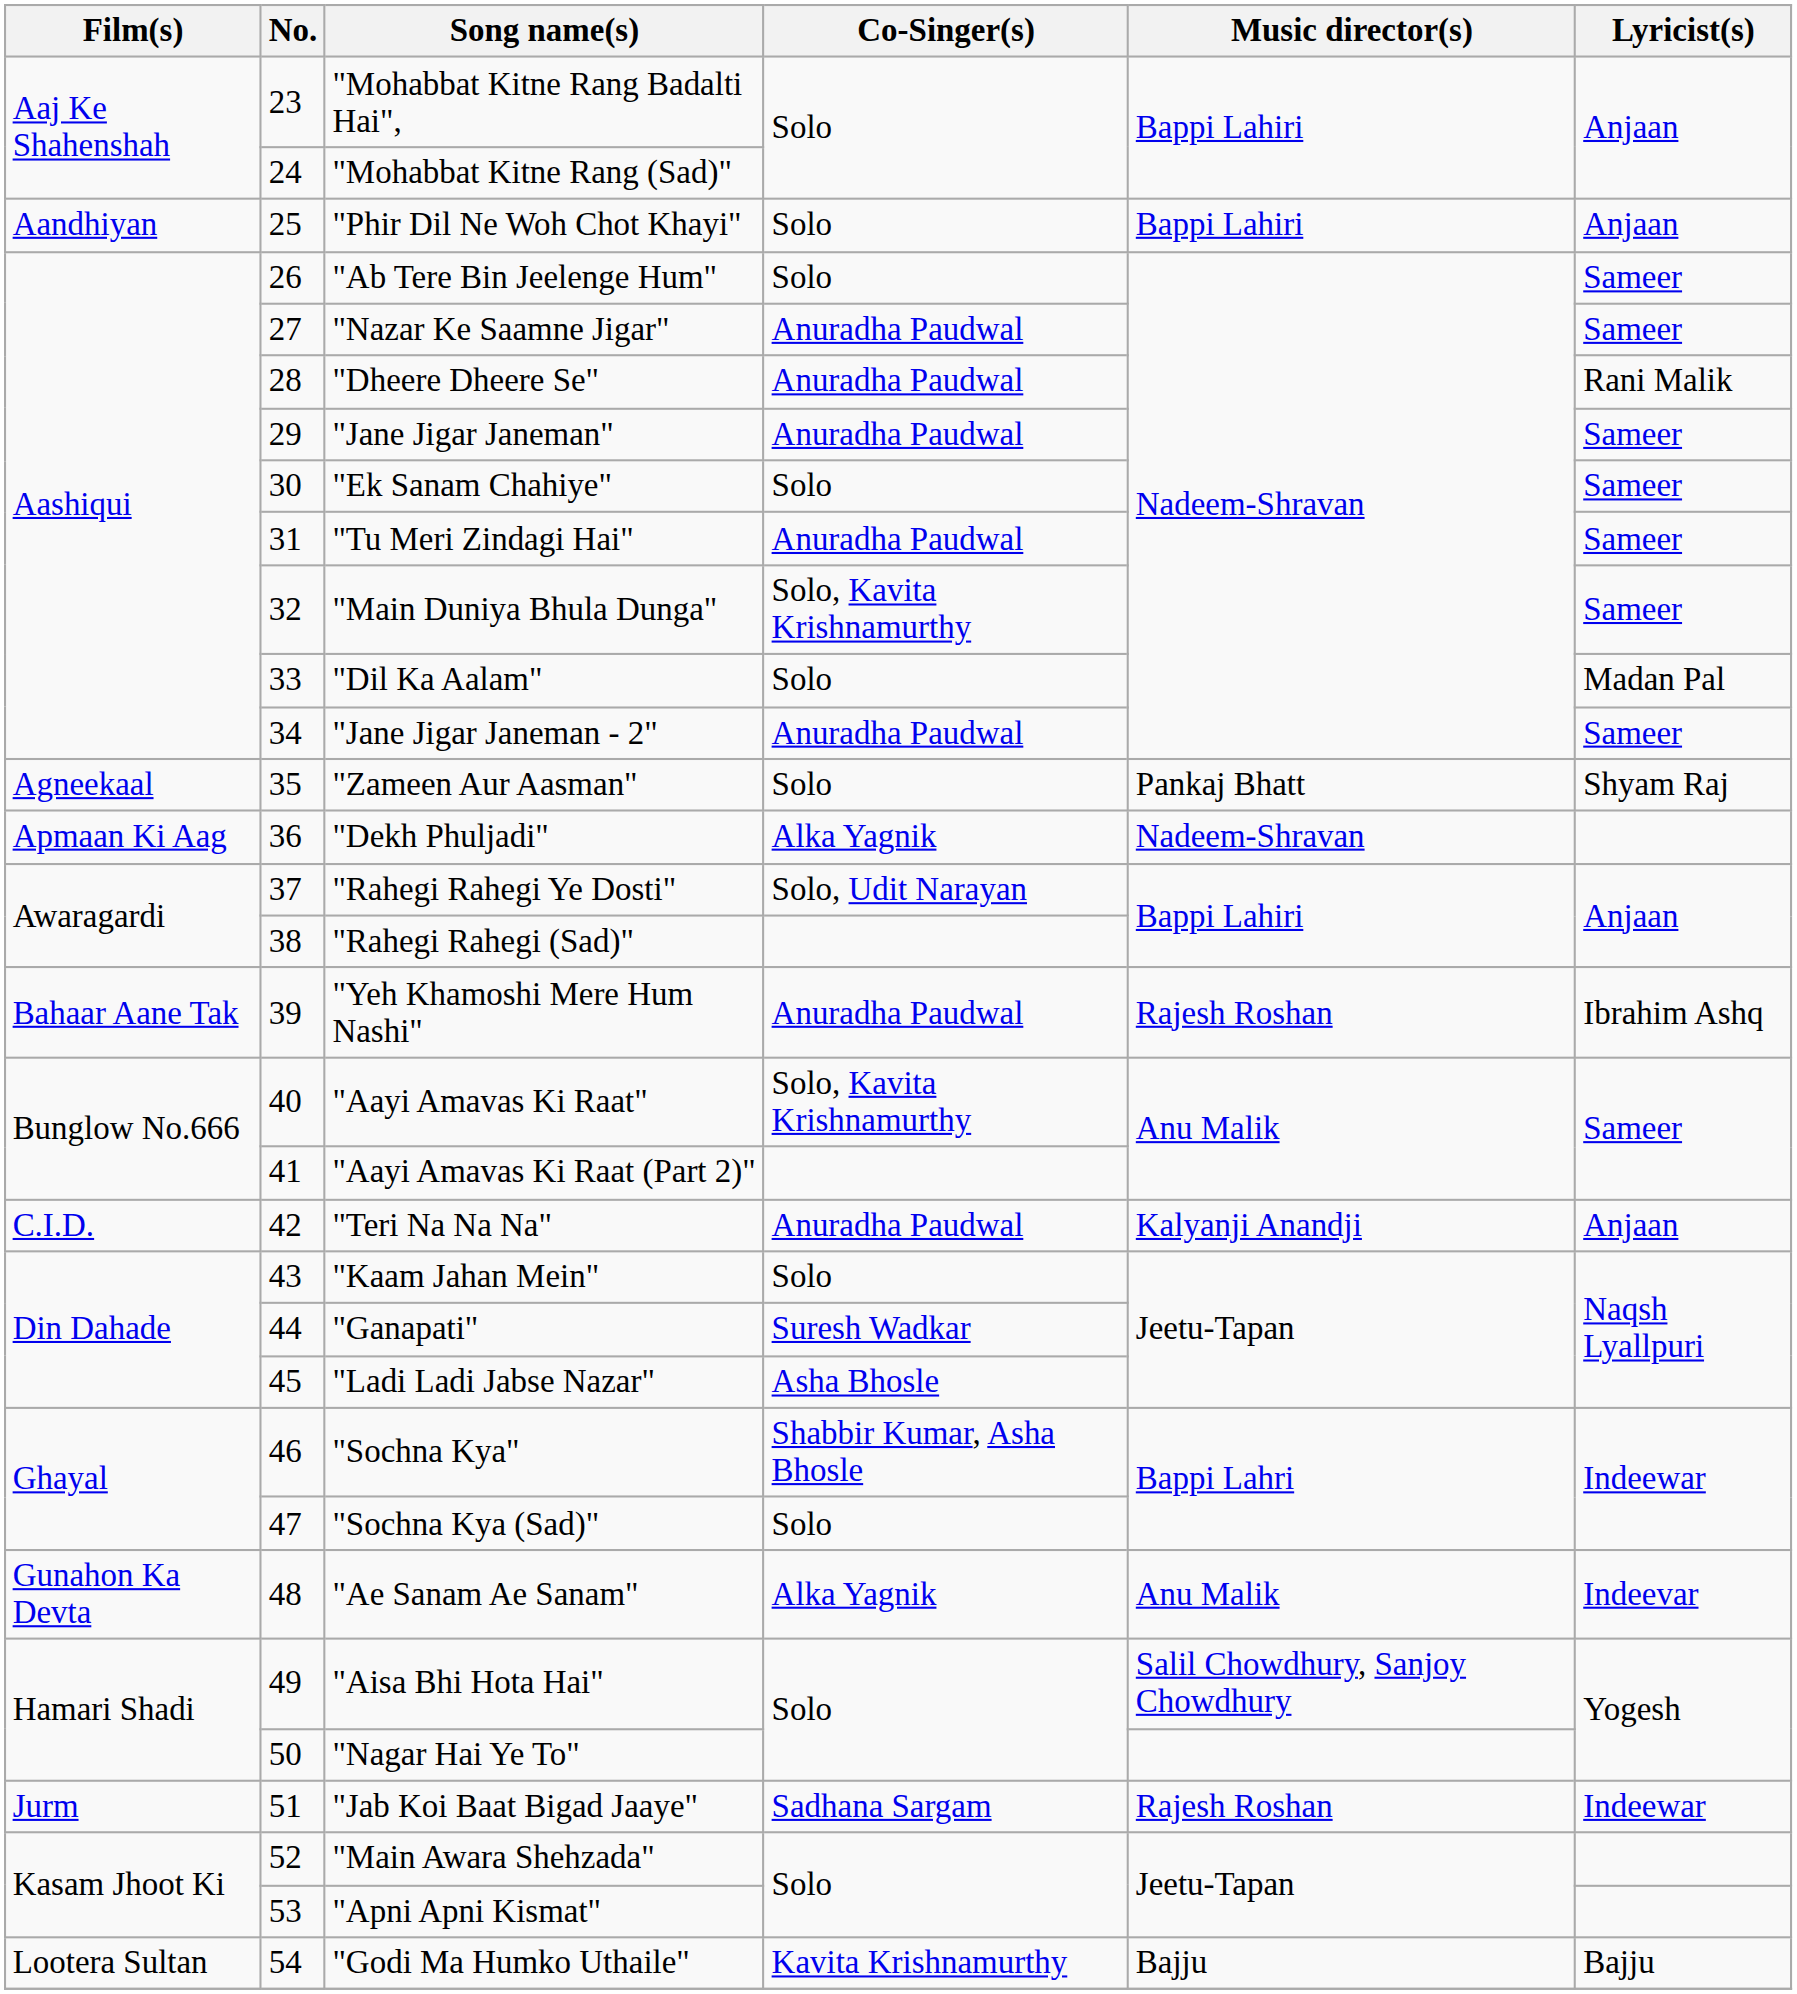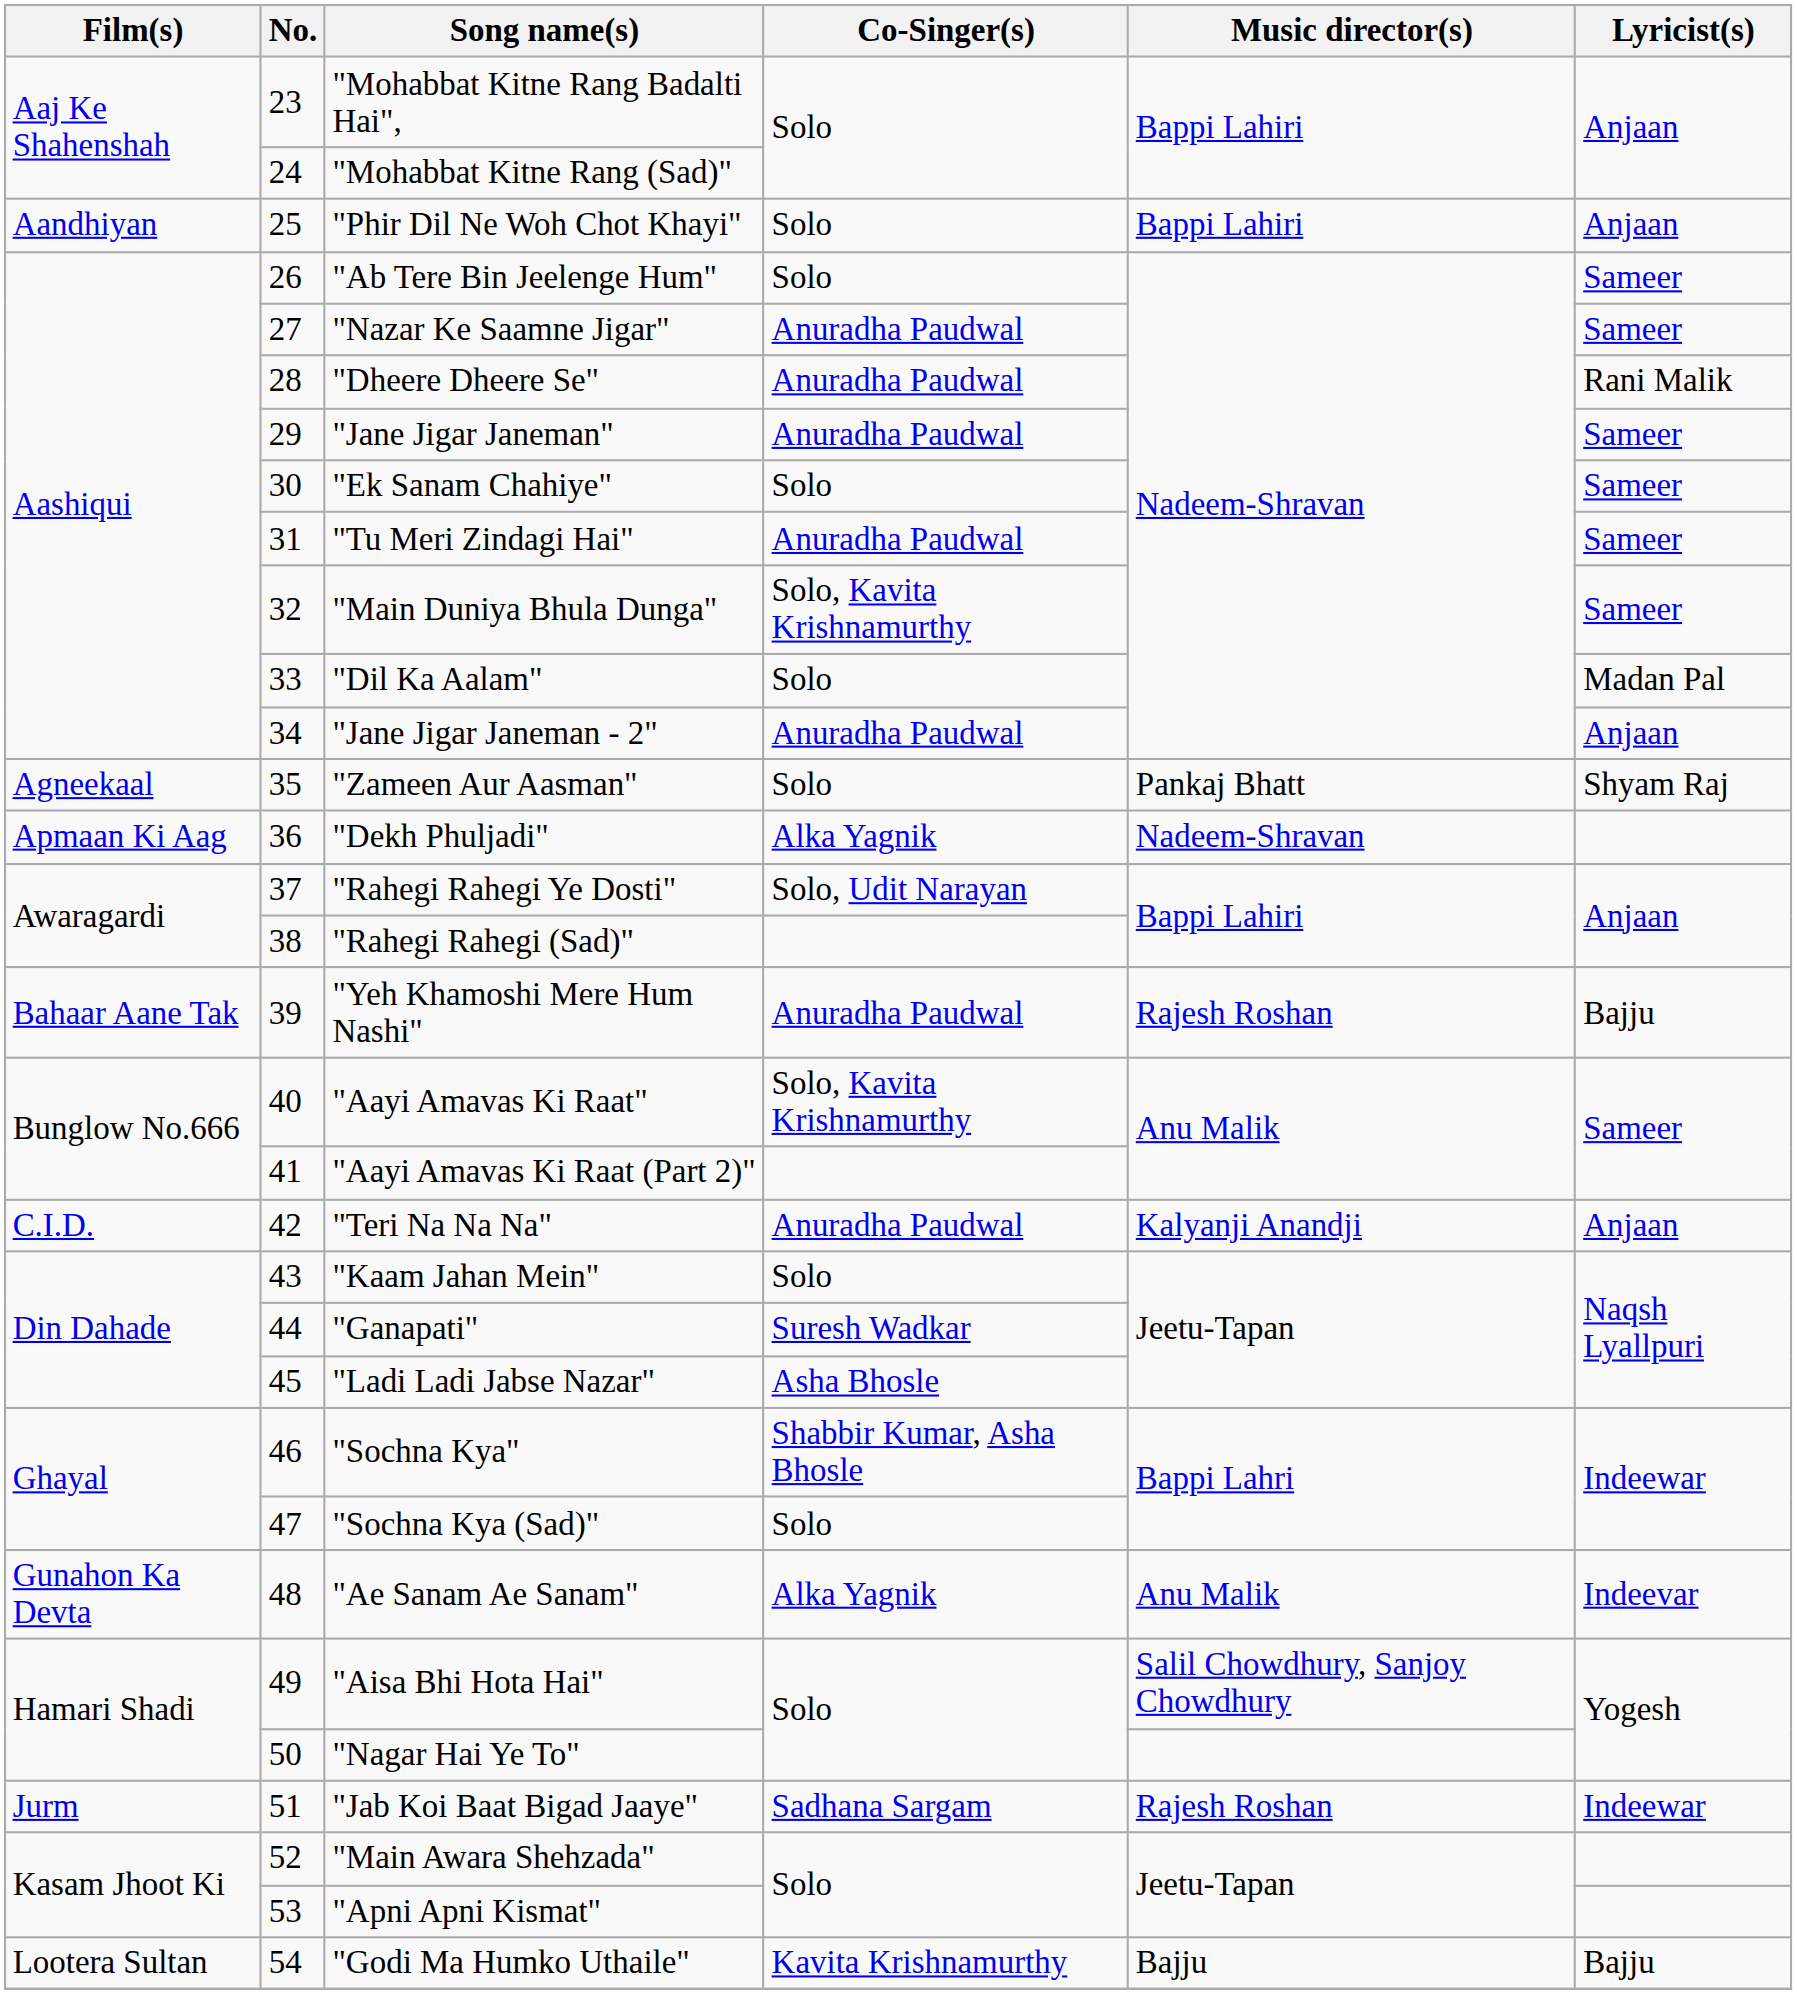 <table class="wikitable sortable">
 <tr>
 <th>Film(s)</th>
 <th>No.</th>
 <th>Song name(s)</th>
 <th>Co-Singer(s)</th>
 <th>Music director(s)</th>
 <th>Lyricist(s)</th>
 </tr>
 <tr>
 <td rowspan="2"><a href='#'>Aaj Ke Shahenshah</a></td>
 <td>23</td>
 <td>"Mohabbat Kitne Rang Badalti Hai",</td>
 <td rowspan="2">Solo</td>
 <td rowspan="2"><a href='#'>Bappi Lahiri</a></td>
 <td rowspan="2"><a href='#'>Anjaan</a></td>
 </tr>
 <tr>
 <td>24</td>
 <td>"Mohabbat Kitne Rang (Sad)"</td>
 </tr>
 <tr>
 <td><a href='#'>Aandhiyan</a></td>
 <td>25</td>
 <td>"Phir Dil Ne Woh Chot Khayi"</td>
 <td>Solo</td>
 <td><a href='#'>Bappi Lahiri</a></td>
 <td><a href='#'>Anjaan</a></td>
 </tr>
 <tr>
 <td rowspan="9"><a href='#'>Aashiqui</a></td>
 <td>26</td>
 <td>"Ab Tere Bin Jeelenge Hum"</td>
 <td>Solo</td>
 <td rowspan="9"><a href='#'>Nadeem-Shravan</a></td>
 <td><a href='#'>Sameer</a></td>
 </tr>
 <tr>
 <td>27</td>
 <td>"Nazar Ke Saamne Jigar"</td>
 <td><a href='#'>Anuradha Paudwal</a></td>
 <td><a href='#'>Sameer</a></td>
 </tr>
 <tr>
 <td>28</td>
 <td>"Dheere Dheere Se"</td>
 <td><a href='#'>Anuradha Paudwal</a></td>
 <td>Rani Malik</td>
 </tr>
 <tr>
 <td>29</td>
 <td>"Jane Jigar Janeman"</td>
 <td><a href='#'>Anuradha Paudwal</a></td>
 <td><a href='#'>Sameer</a></td>
 </tr>
 <tr>
 <td>30</td>
 <td>"Ek Sanam Chahiye"</td>
 <td>Solo</td>
 <td><a href='#'>Sameer</a></td>
 </tr>
 <tr>
 <td>31</td>
 <td>"Tu Meri Zindagi Hai"</td>
 <td><a href='#'>Anuradha Paudwal</a></td>
 <td><a href='#'>Sameer</a></td>
 </tr>
 <tr>
 <td>32</td>
 <td>"Main Duniya Bhula Dunga"</td>
 <td>Solo, <a href='#'>Kavita Krishnamurthy</a></td>
 <td><a href='#'>Sameer</a></td>
 </tr>
 <tr>
 <td>33</td>
 <td>"Dil Ka Aalam"</td>
 <td>Solo</td>
 <td>Madan Pal</td>
 </tr>
 <tr>
 <td>34</td>
 <td>"Jane Jigar Janeman - 2"</td>
 <td><a href='#'>Anuradha Paudwal</a></td>
-<td><a href='#'>Sameer</a></td>
+<td><a href='#'>Anjaan</a></td>
 </tr>
 <tr>
 <td><a href='#'>Agneekaal</a></td>
 <td>35</td>
 <td>"Zameen Aur Aasman"</td>
 <td>Solo</td>
 <td>Pankaj Bhatt</td>
 <td>Shyam Raj</td>
 </tr>
 <tr>
 <td><a href='#'>Apmaan Ki Aag</a></td>
 <td>36</td>
 <td>"Dekh Phuljadi"</td>
 <td><a href='#'>Alka Yagnik</a></td>
 <td><a href='#'>Nadeem-Shravan</a></td>
 <td></td>
 </tr>
 <tr>
 <td rowspan="2">Awaragardi</td>
 <td>37</td>
 <td>"Rahegi Rahegi Ye Dosti"</td>
 <td>Solo, <a href='#'>Udit Narayan</a></td>
 <td rowspan="2"><a href='#'>Bappi Lahiri</a></td>
 <td rowspan="2"><a href='#'>Anjaan</a></td>
 </tr>
 <tr>
 <td>38</td>
 <td>"Rahegi Rahegi (Sad)"</td>
 <td></td>
 </tr>
 <tr>
 <td><a href='#'>Bahaar Aane Tak</a></td>
 <td>39</td>
 <td>"Yeh Khamoshi Mere Hum Nashi"</td>
 <td><a href='#'>Anuradha Paudwal</a></td>
 <td><a href='#'>Rajesh Roshan</a></td>
-<td>Ibrahim Ashq</td>
+<td>Bajju</td>
 </tr>
 <tr>
 <td rowspan="2">Bunglow No.666</td>
 <td>40</td>
 <td>"Aayi Amavas Ki Raat"</td>
 <td>Solo, <a href='#'>Kavita Krishnamurthy</a></td>
 <td rowspan="2"><a href='#'>Anu Malik</a></td>
 <td rowspan="2"><a href='#'>Sameer</a></td>
 </tr>
 <tr>
 <td>41</td>
 <td>"Aayi Amavas Ki Raat (Part 2)"</td>
 <td></td>
 </tr>
 <tr>
 <td><a href='#'>C.I.D.</a></td>
 <td>42</td>
 <td>"Teri Na Na Na"</td>
 <td><a href='#'>Anuradha Paudwal</a></td>
 <td><a href='#'>Kalyanji Anandji</a></td>
 <td><a href='#'>Anjaan</a></td>
 </tr>
 <tr>
 <td rowspan="3"><a href='#'>Din Dahade</a></td>
 <td>43</td>
 <td>"Kaam Jahan Mein"</td>
 <td>Solo</td>
 <td rowspan="3">Jeetu-Tapan</td>
 <td rowspan="3"><a href='#'>Naqsh Lyallpuri</a></td>
 </tr>
 <tr>
 <td>44</td>
 <td>"Ganapati"</td>
 <td><a href='#'>Suresh Wadkar</a></td>
 </tr>
 <tr>
 <td>45</td>
 <td>"Ladi Ladi Jabse Nazar"</td>
 <td><a href='#'>Asha Bhosle</a></td>
 </tr>
 <tr>
 <td rowspan="2"><a href='#'>Ghayal</a></td>
 <td>46</td>
 <td>"Sochna Kya"</td>
 <td><a href='#'>Shabbir Kumar</a>, <a href='#'>Asha Bhosle</a></td>
 <td rowspan="2"><a href='#'>Bappi Lahri</a></td>
 <td rowspan="2"><a href='#'>Indeewar</a></td>
 </tr>
 <tr>
 <td>47</td>
 <td>"Sochna Kya (Sad)"</td>
 <td>Solo</td>
 </tr>
 <tr>
 <td><a href='#'>Gunahon Ka Devta</a></td>
 <td>48</td>
 <td>"Ae Sanam Ae Sanam"</td>
 <td><a href='#'>Alka Yagnik</a></td>
 <td><a href='#'>Anu Malik</a></td>
 <td><a href='#'>Indeevar</a></td>
 </tr>
 <tr>
 <td rowspan="2">Hamari Shadi</td>
 <td>49</td>
 <td>"Aisa Bhi Hota Hai"</td>
 <td rowspan="2">Solo</td>
 <td><a href='#'>Salil Chowdhury</a>, <a href='#'>Sanjoy Chowdhury</a></td>
 <td rowspan="2">Yogesh</td>
 </tr>
 <tr>
 <td>50</td>
 <td>"Nagar Hai Ye To"</td>
 </tr>
 <tr>
 <td><a href='#'>Jurm</a></td>
 <td>51</td>
 <td>"Jab Koi Baat Bigad Jaaye"</td>
 <td><a href='#'>Sadhana Sargam</a></td>
 <td><a href='#'>Rajesh Roshan</a></td>
 <td><a href='#'>Indeewar</a></td>
 </tr>
 <tr>
 <td rowspan="2">Kasam Jhoot Ki</td>
 <td>52</td>
 <td>"Main Awara Shehzada"</td>
 <td rowspan="2">Solo</td>
 <td rowspan="2">Jeetu-Tapan</td>
 <td></td>
 </tr>
 <tr>
 <td>53</td>
 <td>"Apni Apni Kismat"</td>
 <td></td>
 </tr>
 <tr>
 <td>Lootera Sultan</td>
 <td>54</td>
 <td>"Godi Ma Humko Uthaile"</td>
 <td><a href='#'>Kavita Krishnamurthy</a></td>
 <td>Bajju</td>
 <td>Bajju</td>
 </tr>
 <tr>
 </tr>
 </table>
